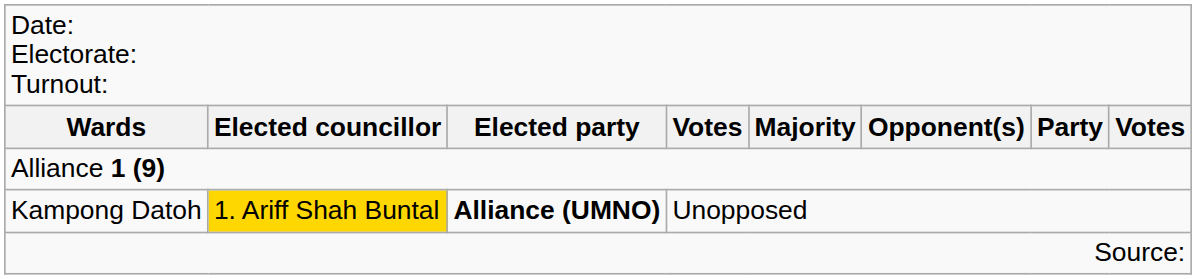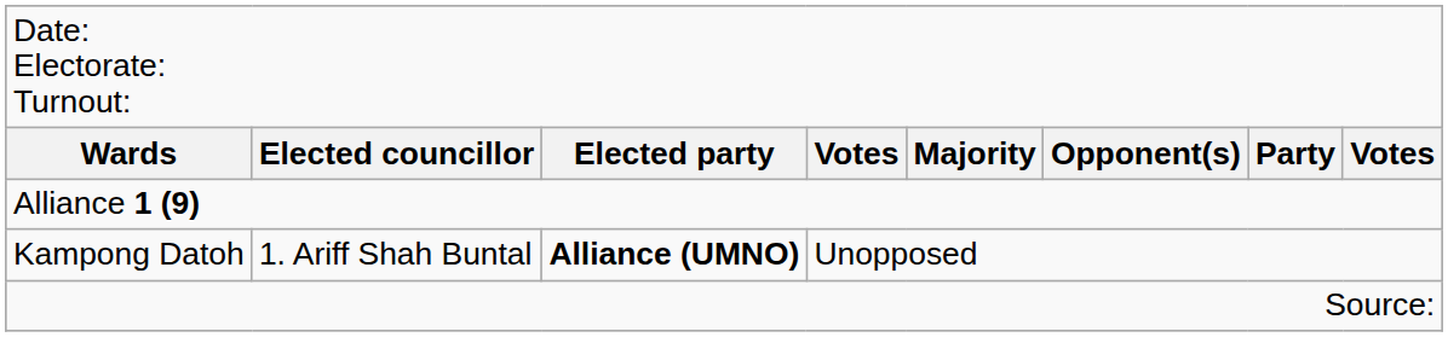 <table class=wikitable>
 <tr>
 <td colspan=8>Date: <br>Electorate: <br>Turnout:</td>
 </tr>
 <tr>
 <th>Wards</th>
 <th>Elected councillor</th>
 <th>Elected party</th>
 <th>Votes</th>
 <th>Majority</th>
 <th>Opponent(s)</th>
 <th>Party</th>
 <th>Votes</th>
 </tr>
 <tr>
 <td colspan=8>Alliance <strong>1 (9)</strong> </td>
 </tr>
 <tr>
 <td>Kampong Datoh</td>
-<td style="background: gold;">1. Ariff Shah Buntal</td>
+<td>1. Ariff Shah Buntal</td>
 <td><strong>Alliance (UMNO)</strong></td>
 <td colspan=5>Unopposed</td>
 </tr>
 <tr>
 <td colspan=8 align=right>Source: </td>
 </tr>
 </table>
